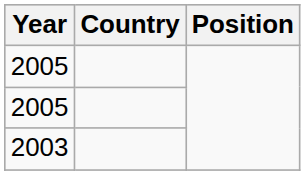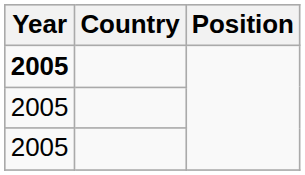 <table class="wikitable">
 <tr>
 <th>Year</th>
 <th>Country</th>
 <th>Position</th>
+</tr>
+<tr>
+<td><strong>2005</strong></td>
+<td></td>
 </tr>
 <tr>
 <td>2005</td>
 <td></td>
 </tr>
 <tr>
 <td>2005</td>
 <td></td>
 </tr>
-<tr>
-<td>2003</td>
-<td></td>
-</tr>
 </table>
